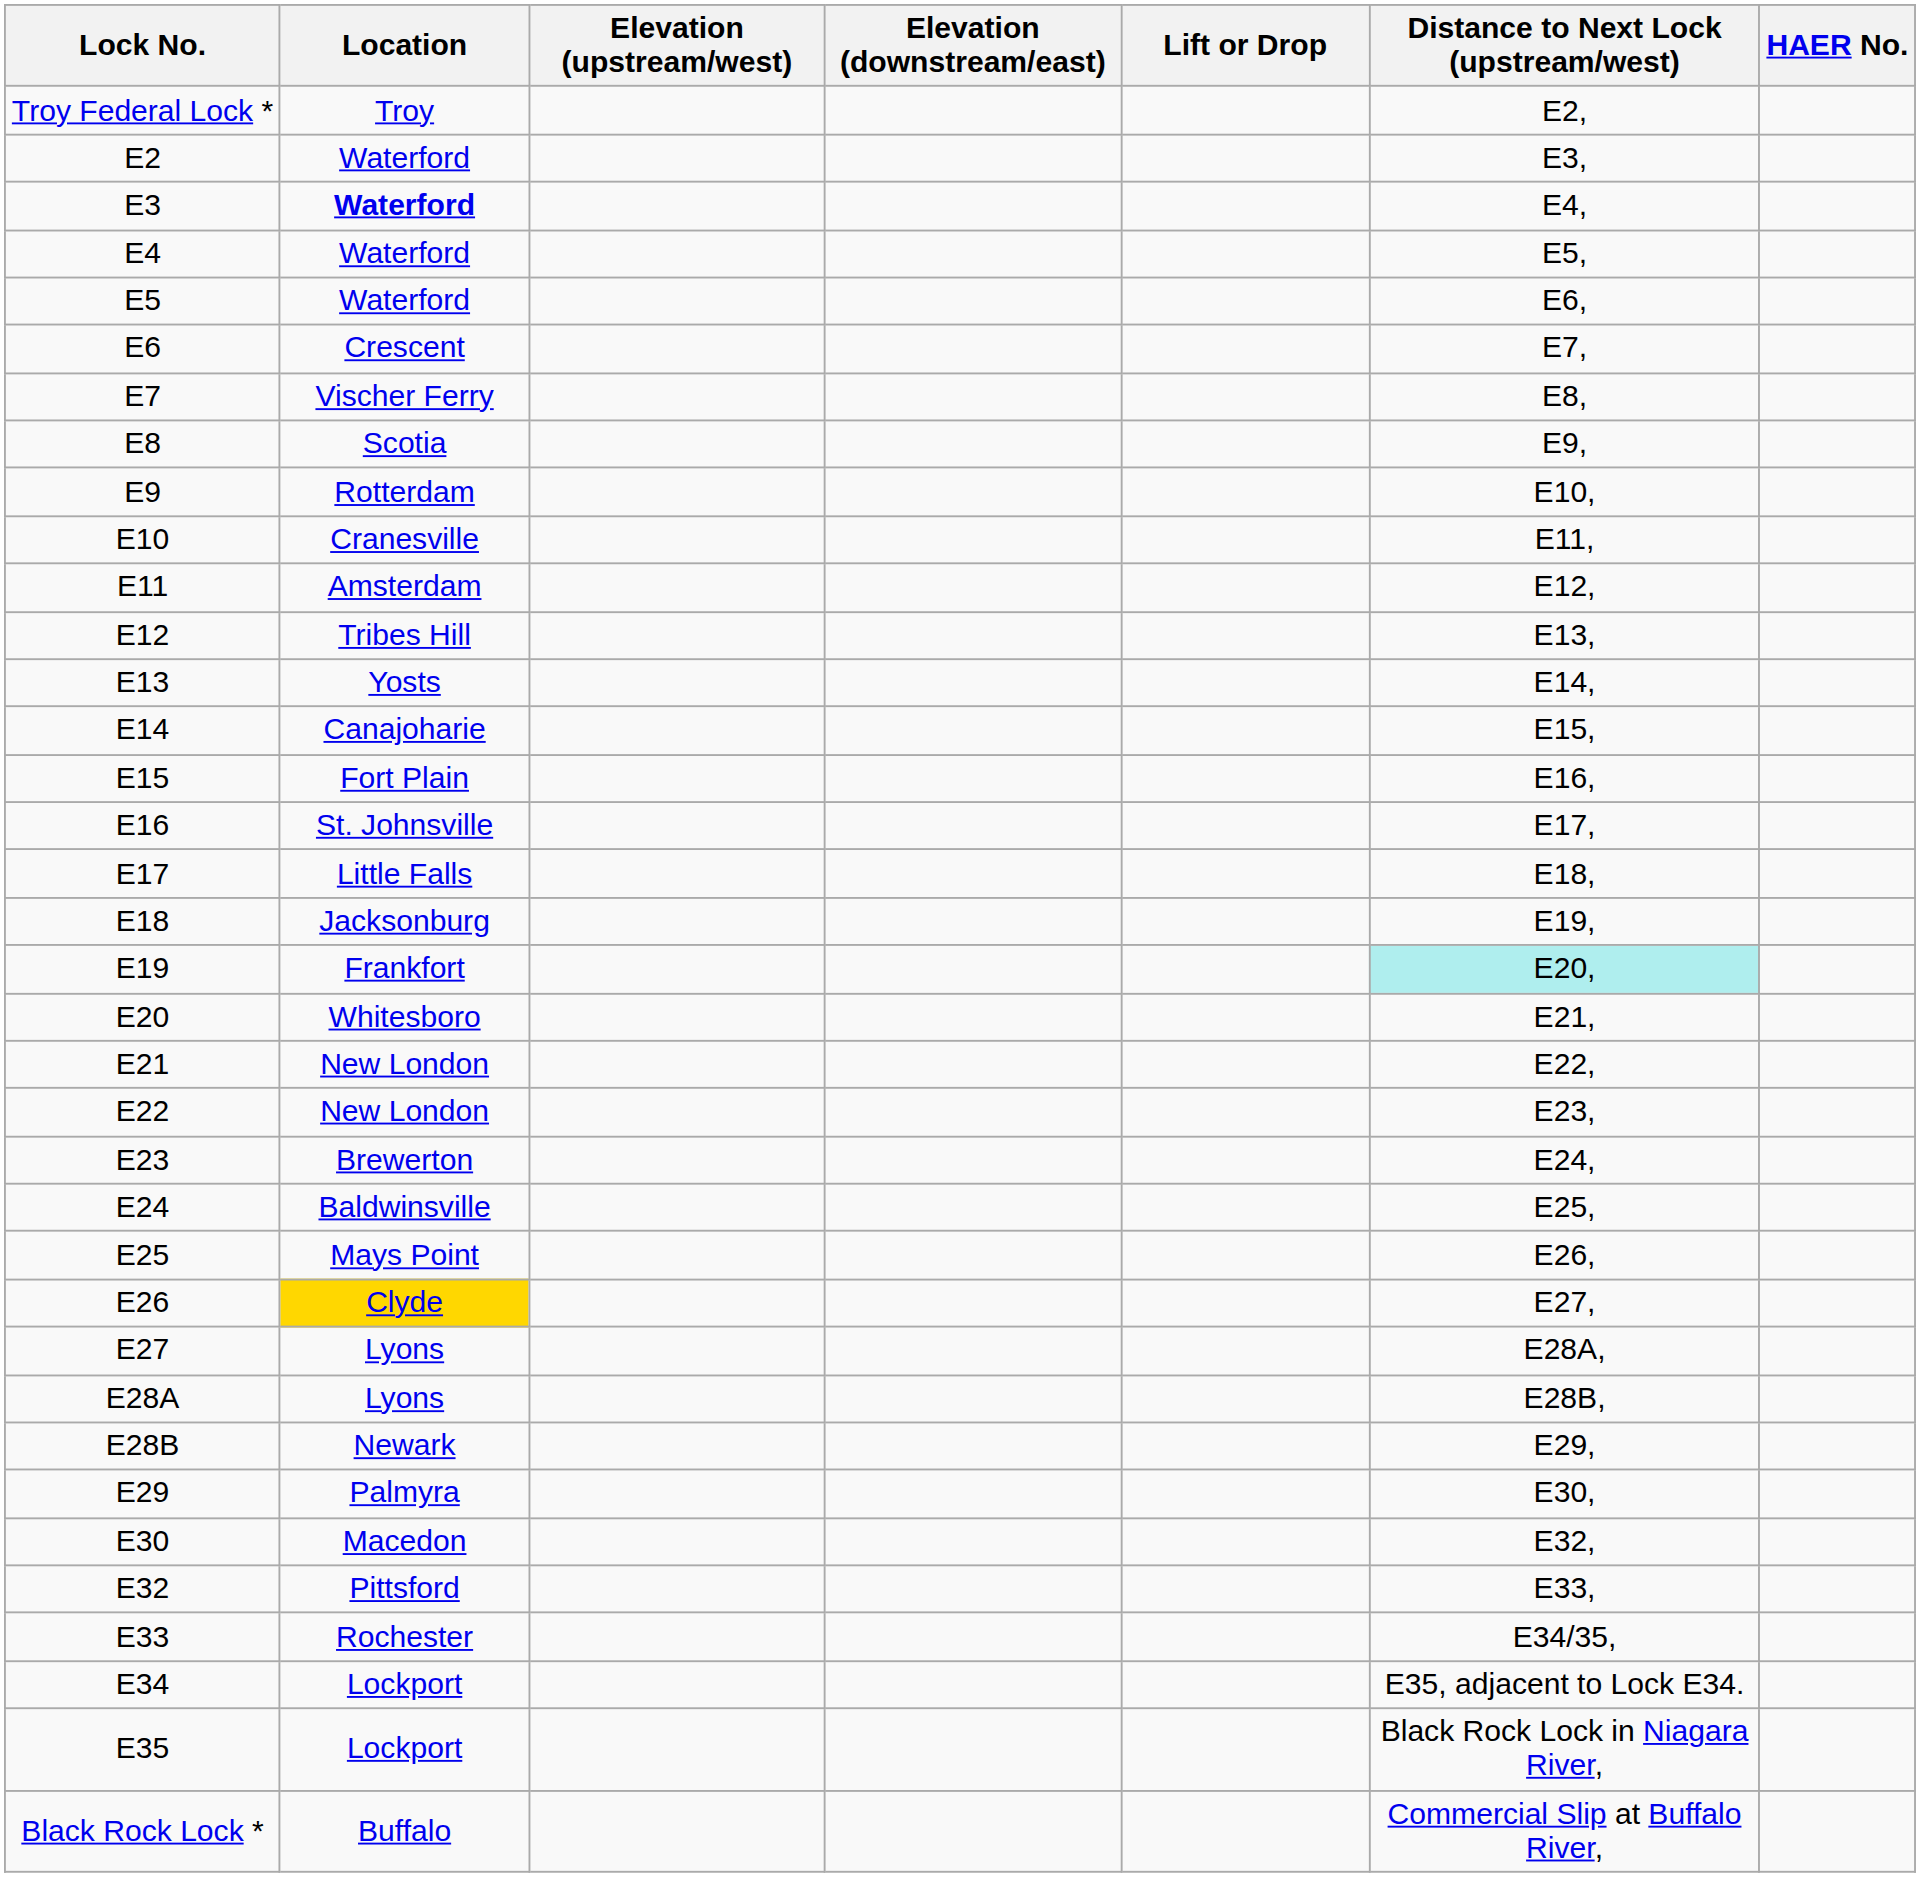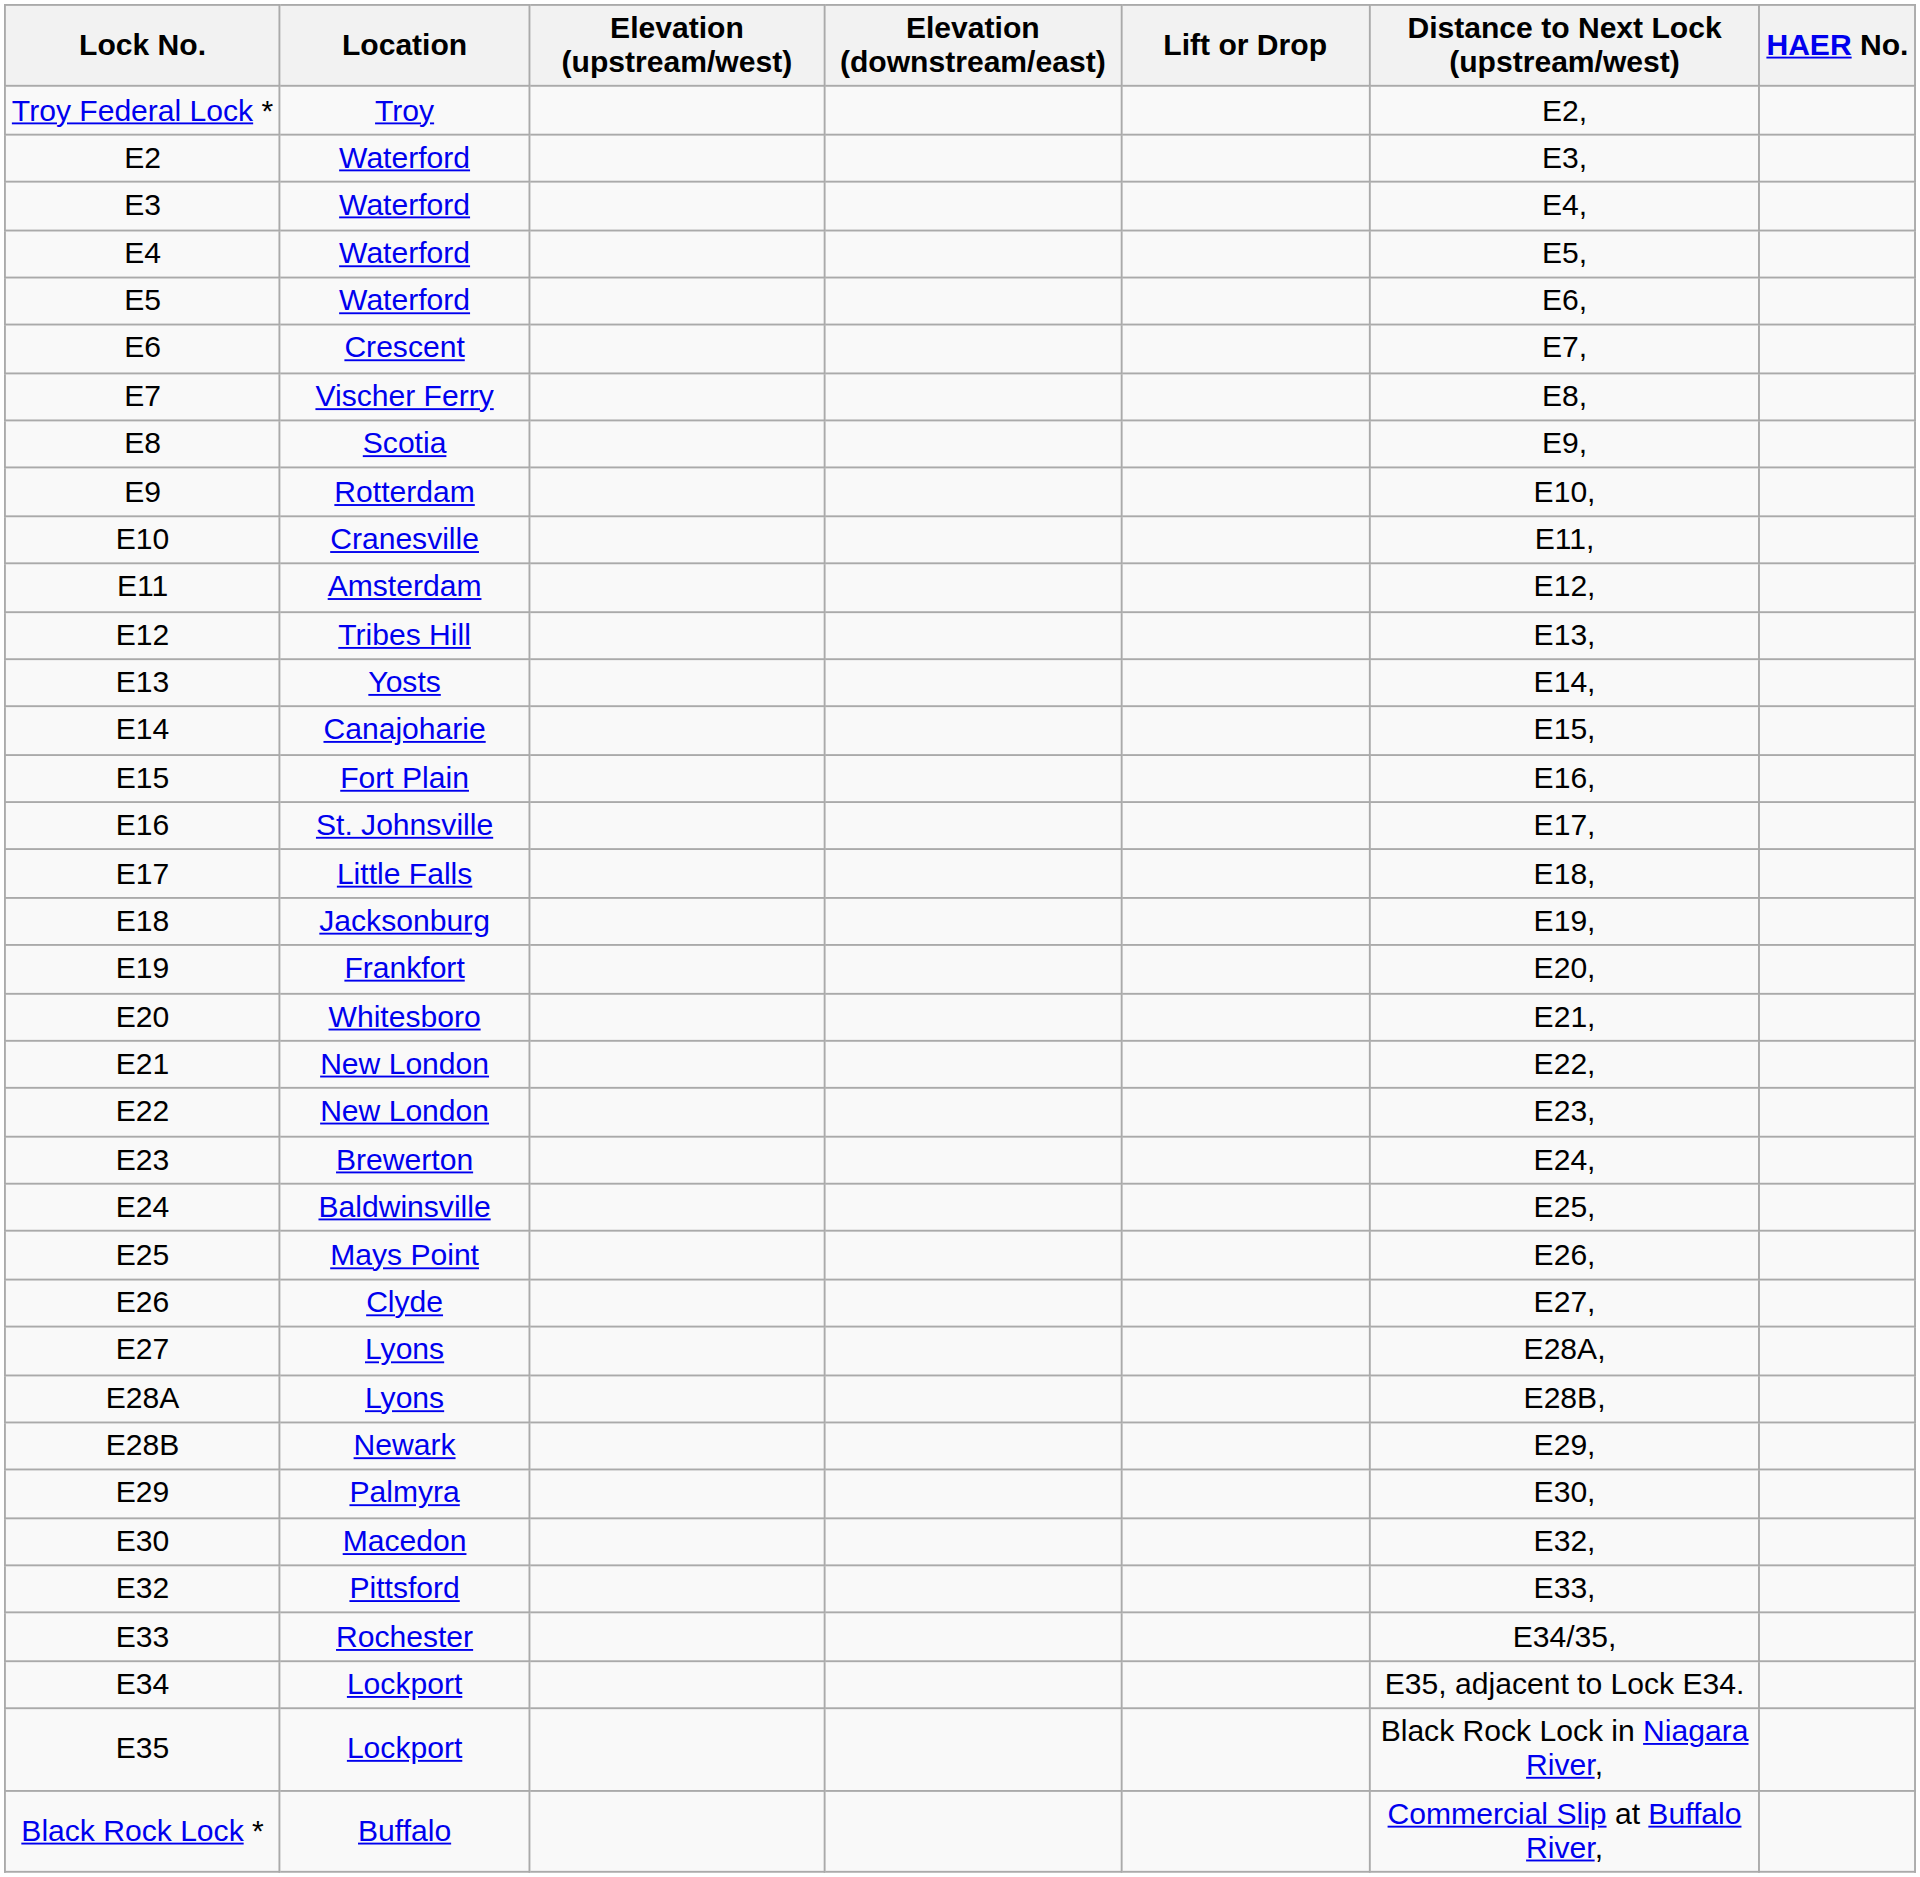 <table class="wikitable" style="text-align:center">
 <tr>
 <th>Lock No.</th>
 <th style="width:125px;">Location</th>
 <th style="width:150px;">Elevation<br>(upstream/west)</th>
 <th style="width:150px;">Elevation<br>(downstream/east)</th>
 <th style="width:125px;">Lift or Drop</th>
 <th style="width:200px;">Distance to Next Lock<br>(upstream/west)</th>
 <th><a href='#'>HAER</a> No.</th>
 </tr>
 <tr>
 <td><a href='#'>Troy Federal Lock</a> *</td>
 <td><a href='#'>Troy</a></td>
 <td></td>
 <td></td>
 <td></td>
 <td>E2, </td>
 <td></td>
 </tr>
 <tr>
 <td>E2</td>
 <td><a href='#'>Waterford</a></td>
 <td></td>
 <td></td>
 <td></td>
 <td>E3, </td>
 <td></td>
 </tr>
 <tr>
 <td>E3</td>
-<td><strong><a href='#'>Waterford</a></strong></td>
+<td><a href='#'>Waterford</a></td>
 <td></td>
 <td></td>
 <td></td>
 <td>E4, </td>
 <td></td>
 </tr>
 <tr>
 <td>E4</td>
 <td><a href='#'>Waterford</a></td>
 <td></td>
 <td></td>
 <td></td>
 <td>E5, </td>
 <td></td>
 </tr>
 <tr>
 <td>E5</td>
 <td><a href='#'>Waterford</a></td>
 <td></td>
 <td></td>
 <td></td>
 <td>E6, </td>
 <td></td>
 </tr>
 <tr>
 <td>E6</td>
 <td><a href='#'>Crescent</a></td>
 <td></td>
 <td></td>
 <td></td>
 <td>E7, </td>
 <td></td>
 </tr>
 <tr>
 <td>E7</td>
 <td><a href='#'>Vischer Ferry</a></td>
 <td></td>
 <td></td>
 <td></td>
 <td>E8, </td>
 <td></td>
 </tr>
 <tr>
 <td>E8</td>
 <td><a href='#'>Scotia</a></td>
 <td></td>
 <td></td>
 <td></td>
 <td>E9, </td>
 <td></td>
 </tr>
 <tr>
 <td>E9</td>
 <td><a href='#'>Rotterdam</a></td>
 <td></td>
 <td></td>
 <td></td>
 <td>E10, </td>
 <td></td>
 </tr>
 <tr>
 <td>E10</td>
 <td><a href='#'>Cranesville</a></td>
 <td></td>
 <td></td>
 <td></td>
 <td>E11, </td>
 <td></td>
 </tr>
 <tr>
 <td>E11</td>
 <td><a href='#'>Amsterdam</a></td>
 <td></td>
 <td></td>
 <td></td>
 <td>E12, </td>
 <td></td>
 </tr>
 <tr>
 <td>E12</td>
 <td><a href='#'>Tribes Hill</a></td>
 <td></td>
 <td></td>
 <td></td>
 <td>E13, </td>
 <td></td>
 </tr>
 <tr>
 <td>E13</td>
 <td><a href='#'>Yosts</a></td>
 <td></td>
 <td></td>
 <td></td>
 <td>E14, </td>
 <td></td>
 </tr>
 <tr>
 <td>E14</td>
 <td><a href='#'>Canajoharie</a></td>
 <td></td>
 <td></td>
 <td></td>
 <td>E15, </td>
 <td></td>
 </tr>
 <tr>
 <td>E15</td>
 <td><a href='#'>Fort Plain</a></td>
 <td></td>
 <td></td>
 <td></td>
 <td>E16, </td>
 <td></td>
 </tr>
 <tr>
 <td>E16</td>
 <td><a href='#'>St. Johnsville</a></td>
 <td></td>
 <td></td>
 <td></td>
 <td>E17, </td>
 <td></td>
 </tr>
 <tr>
 <td>E17</td>
 <td><a href='#'>Little Falls</a></td>
 <td></td>
 <td></td>
 <td></td>
 <td>E18, </td>
 <td></td>
 </tr>
 <tr>
 <td>E18</td>
 <td><a href='#'>Jacksonburg</a></td>
 <td></td>
 <td></td>
 <td></td>
 <td>E19, </td>
 <td></td>
 </tr>
 <tr>
 <td>E19</td>
 <td><a href='#'>Frankfort</a></td>
 <td></td>
 <td></td>
 <td></td>
-<td style="background: paleturquoise;">E20, </td>
+<td>E20, </td>
 <td></td>
 </tr>
 <tr>
 <td>E20</td>
 <td><a href='#'>Whitesboro</a></td>
 <td></td>
 <td></td>
 <td></td>
 <td>E21, </td>
 <td></td>
 </tr>
 <tr>
 <td>E21</td>
 <td><a href='#'>New London</a></td>
 <td></td>
 <td></td>
 <td></td>
 <td>E22, </td>
 <td></td>
 </tr>
 <tr>
 <td>E22</td>
 <td><a href='#'>New London</a></td>
 <td></td>
 <td></td>
 <td></td>
 <td>E23, </td>
 <td></td>
 </tr>
 <tr>
 <td>E23</td>
 <td><a href='#'>Brewerton</a></td>
 <td></td>
 <td></td>
 <td></td>
 <td>E24, </td>
 <td></td>
 </tr>
 <tr>
 <td>E24</td>
 <td><a href='#'>Baldwinsville</a></td>
 <td></td>
 <td></td>
 <td></td>
 <td>E25, </td>
 <td></td>
 </tr>
 <tr>
 <td>E25</td>
 <td><a href='#'>Mays Point</a></td>
 <td></td>
 <td></td>
 <td></td>
 <td>E26, </td>
 <td></td>
 </tr>
 <tr>
 <td>E26</td>
-<td style="background: gold;"><a href='#'>Clyde</a></td>
+<td><a href='#'>Clyde</a></td>
 <td></td>
 <td></td>
 <td></td>
 <td>E27, </td>
 <td></td>
 </tr>
 <tr>
 <td>E27</td>
 <td><a href='#'>Lyons</a></td>
 <td></td>
 <td></td>
 <td></td>
 <td>E28A, </td>
 <td></td>
 </tr>
 <tr>
 <td>E28A</td>
 <td><a href='#'>Lyons</a></td>
 <td></td>
 <td></td>
 <td></td>
 <td>E28B, </td>
 <td></td>
 </tr>
 <tr>
 <td>E28B</td>
 <td><a href='#'>Newark</a></td>
 <td></td>
 <td></td>
 <td></td>
 <td>E29, </td>
 <td></td>
 </tr>
 <tr>
 <td>E29</td>
 <td><a href='#'>Palmyra</a></td>
 <td></td>
 <td></td>
 <td></td>
 <td>E30, </td>
 <td></td>
 </tr>
 <tr>
 <td>E30</td>
 <td><a href='#'>Macedon</a></td>
 <td></td>
 <td></td>
 <td></td>
 <td>E32, </td>
 <td></td>
 </tr>
 <tr>
 <td>E32</td>
 <td><a href='#'>Pittsford</a></td>
 <td></td>
 <td></td>
 <td></td>
 <td>E33, </td>
 <td></td>
 </tr>
 <tr>
 <td>E33</td>
 <td><a href='#'>Rochester</a></td>
 <td></td>
 <td></td>
 <td></td>
 <td>E34/35, </td>
 <td></td>
 </tr>
 <tr>
 <td>E34</td>
 <td><a href='#'>Lockport</a></td>
 <td></td>
 <td></td>
 <td></td>
 <td>E35, adjacent to Lock E34.</td>
 <td></td>
 </tr>
 <tr>
 <td>E35</td>
 <td><a href='#'>Lockport</a></td>
 <td></td>
 <td></td>
 <td></td>
 <td>Black Rock Lock in <a href='#'>Niagara River</a>, </td>
 <td></td>
 </tr>
 <tr>
 <td><a href='#'>Black Rock Lock</a> *</td>
 <td><a href='#'>Buffalo</a></td>
 <td></td>
 <td></td>
 <td></td>
 <td><a href='#'>Commercial Slip</a> at <a href='#'>Buffalo River</a>, </td>
 </tr>
 </table>
